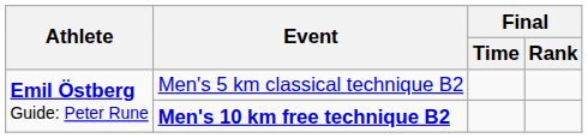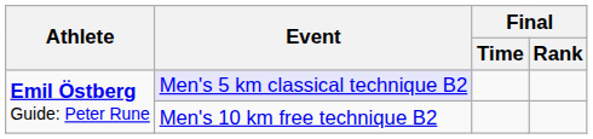 <table class="wikitable" style="font-size:90%">
 <tr>
 <th rowspan="2">Athlete</th>
 <th rowspan="2">Event</th>
 <th colspan="3">Final</th>
 </tr>
 <tr>
 <th>Time</th>
 <th>Rank</th>
 </tr>
 <tr align=center>
 <td rowspan=2 align=left><strong><a href='#'>Emil Östberg</a></strong><br><small>Guide: <a href='#'>Peter Rune</a></small></td>
-<td align=left><a href='#'>Men's 5 km classical technique B2</a></td>
+<td align=left style="background: lavender;"><a href='#'>Men's 5 km classical technique B2</a></td>
 <td></td>
 <td></td>
 </tr>
 <tr align=center>
-<td align=left><strong><a href='#'>Men's 10 km free technique B2</a></strong></td>
+<td align=left><a href='#'>Men's 10 km free technique B2</a></td>
 <td></td>
 <td></td>
 </tr>
 </table>
